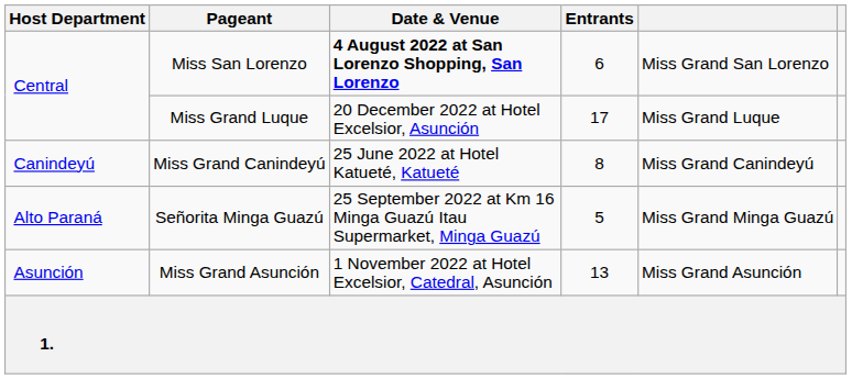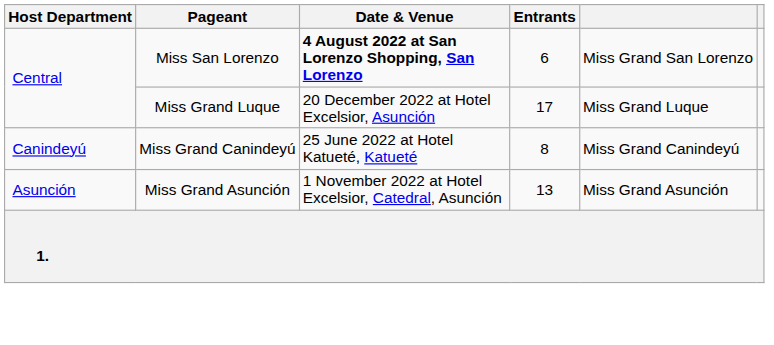 <table class="wikitable sortable static-row-numbers" style="font-size: 85%;">
 <tr>
 <th class=unsortable>Host Department</th>
 <th class=unsortable>Pageant</th>
 <th class=unsortable width=180px>Date & Venue</th>
 <th class=unsortable>Entrants</th>
 <th class=unsortable></th>
 <th class=unsortable></th>
 </tr>
 <tr>
 <td rowspan=2> <a href='#'>Central</a></td>
 <td align=center>Miss San Lorenzo</td>
 <td><strong>4 August 2022 at San Lorenzo Shopping, <a href='#'>San Lorenzo</a></strong></td>
 <td align=center>6</td>
 <td>Miss Grand San Lorenzo</td>
 <td align=center></td>
 </tr>
 <tr>
 <td align=center>Miss Grand Luque</td>
 <td>20 December 2022 at Hotel Excelsior, <a href='#'>Asunción</a></td>
 <td align=center>17</td>
 <td>Miss Grand Luque</td>
 <td align=center></td>
 </tr>
 <tr>
 <td> <a href='#'>Canindeyú</a></td>
 <td align=center>Miss Grand Canindeyú</td>
 <td>25 June 2022 at Hotel Katueté, <a href='#'>Katueté</a></td>
 <td align=center>8</td>
 <td>Miss Grand Canindeyú</td>
 <td align=center></td>
 </tr>
 <tr>
-<td> <a href='#'>Alto Paraná</a></td>
-<td align=center>Señorita Minga Guazú</td>
-<td>25 September 2022 at Km 16 Minga Guazú Itau Supermarket, <a href='#'>Minga Guazú</a></td>
-<td align=center>5</td>
-<td>Miss Grand Minga Guazú</td>
-<td align=center></td>
-</tr>
-<tr>
 <td> <a href='#'>Asunción</a></td>
 <td align=center>Miss Grand Asunción</td>
 <td>1 November 2022 at Hotel Excelsior, <a href='#'>Catedral</a>, Asunción</td>
 <td align=center>13</td>
 <td>Miss Grand Asunción</td>
 <td align=center></td>
 </tr>
 <tr style="background:white;" class="sortbottom static-row-header">
 <th colspan="6" style="text-align:left;"><br><ol><li><small></small> <small></small></li></ol></th>
 </tr>
 </table>
